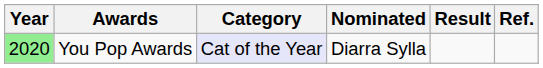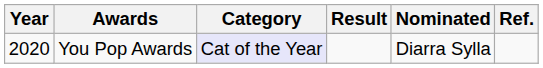 <table class="wikitable">
 <tr>
 <th>Year</th>
 <th>Awards</th>
 <th>Category</th>
+<th>Result</th>
 <th>Nominated</th>
-<th>Result</th>
 <th>Ref.</th>
 </tr>
 <tr>
-<td style="background: lightgreen;">2020</td>
+<td>2020</td>
 <td>You Pop Awards</td>
 <td style="background: lavender;">Cat of the Year</td>
+<td></td>
 <td>Diarra Sylla</td>
-<td></td>
 <td></td>
 </tr>
 </table>
